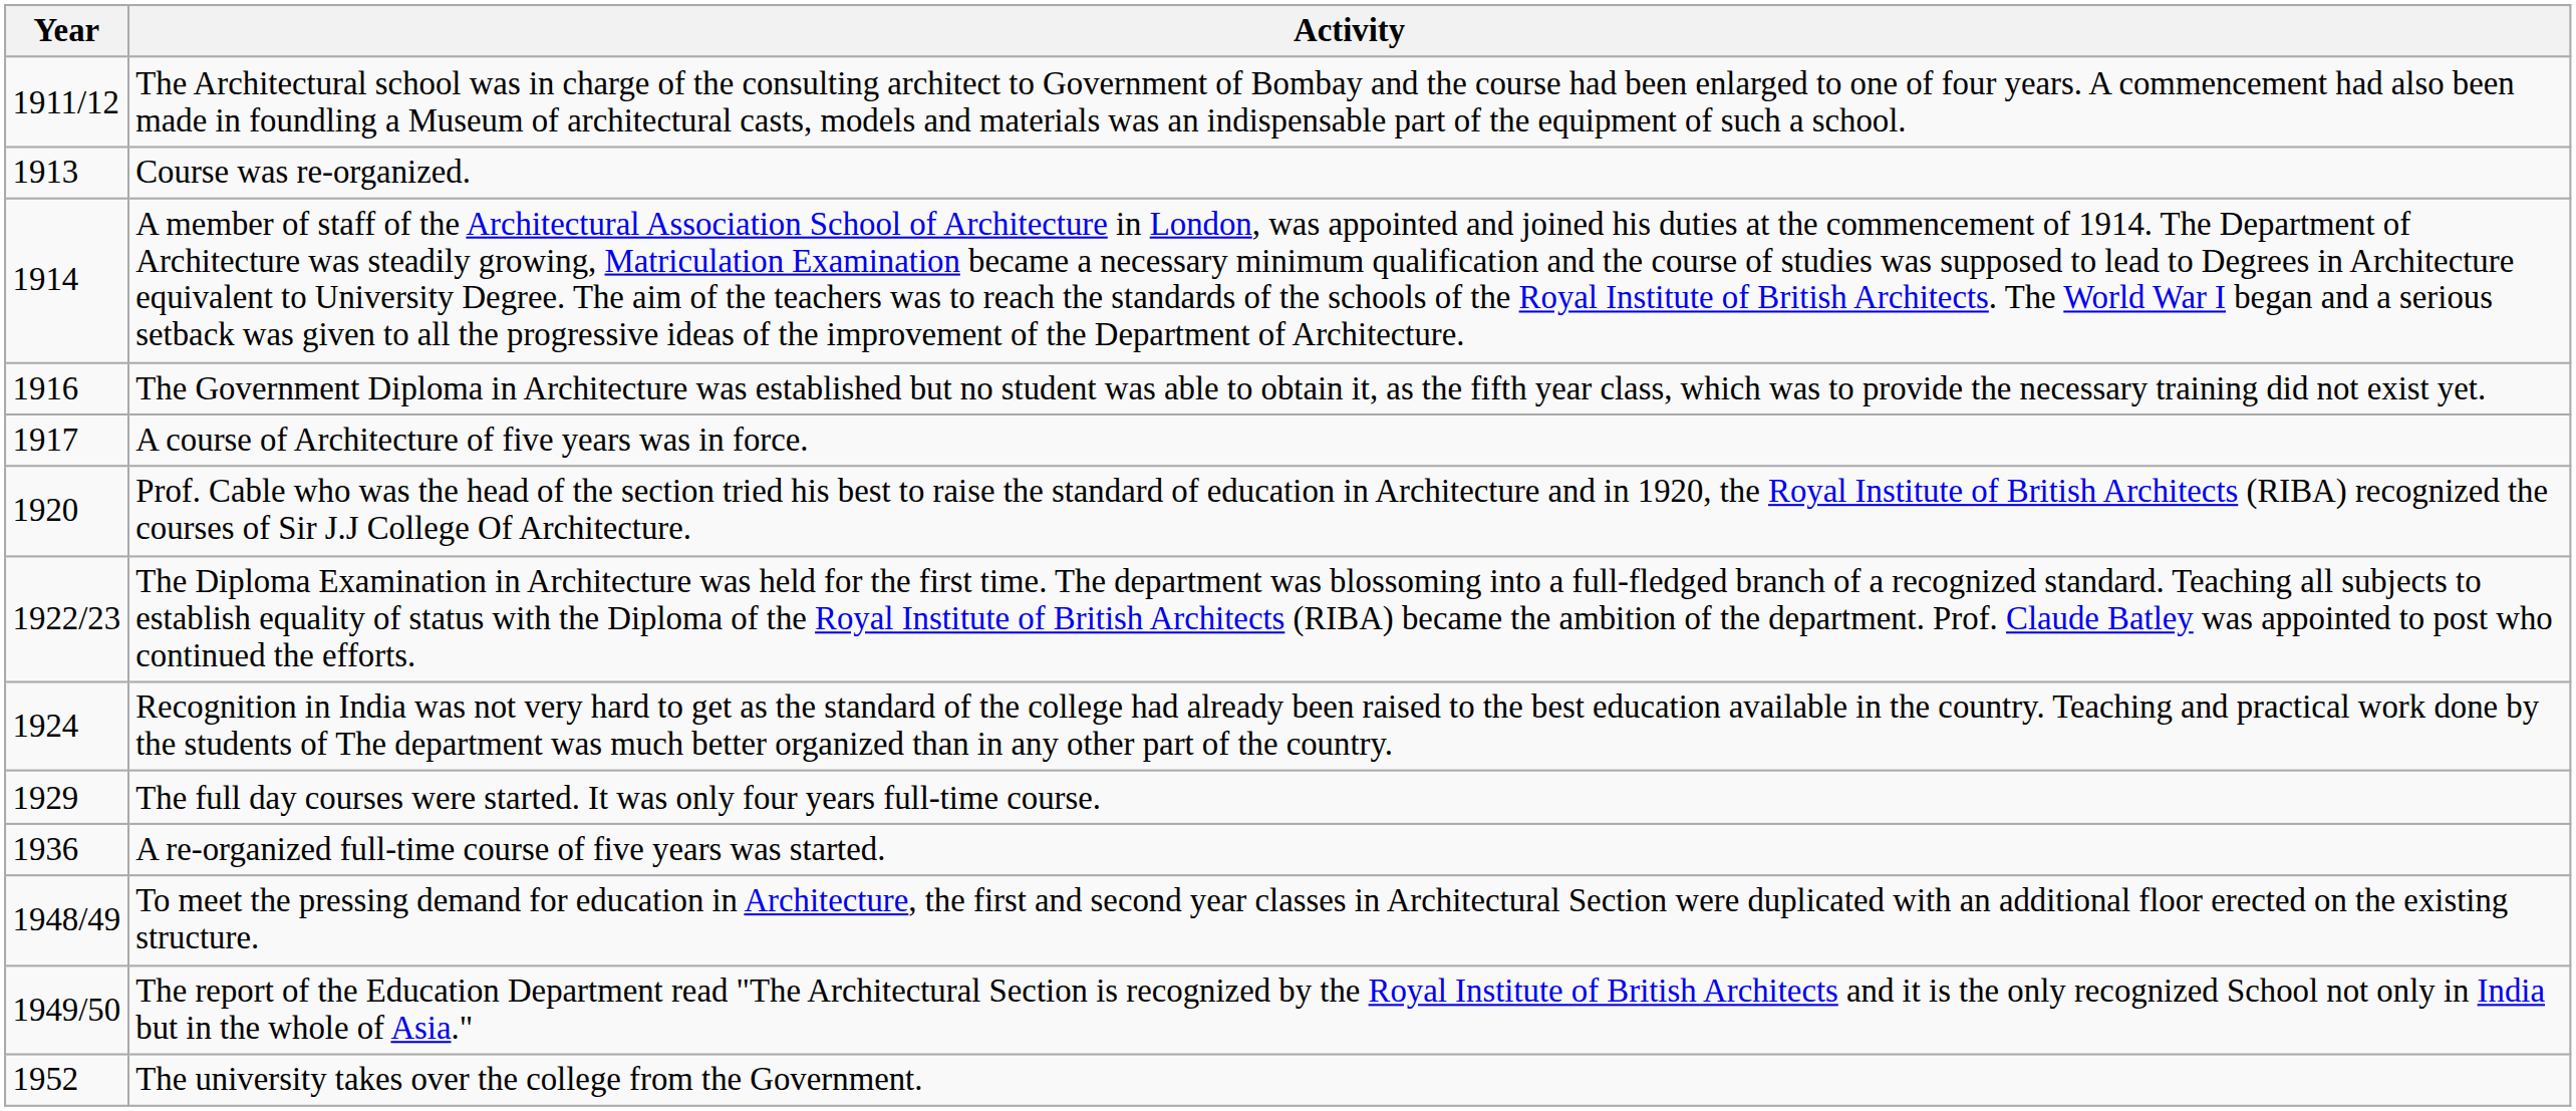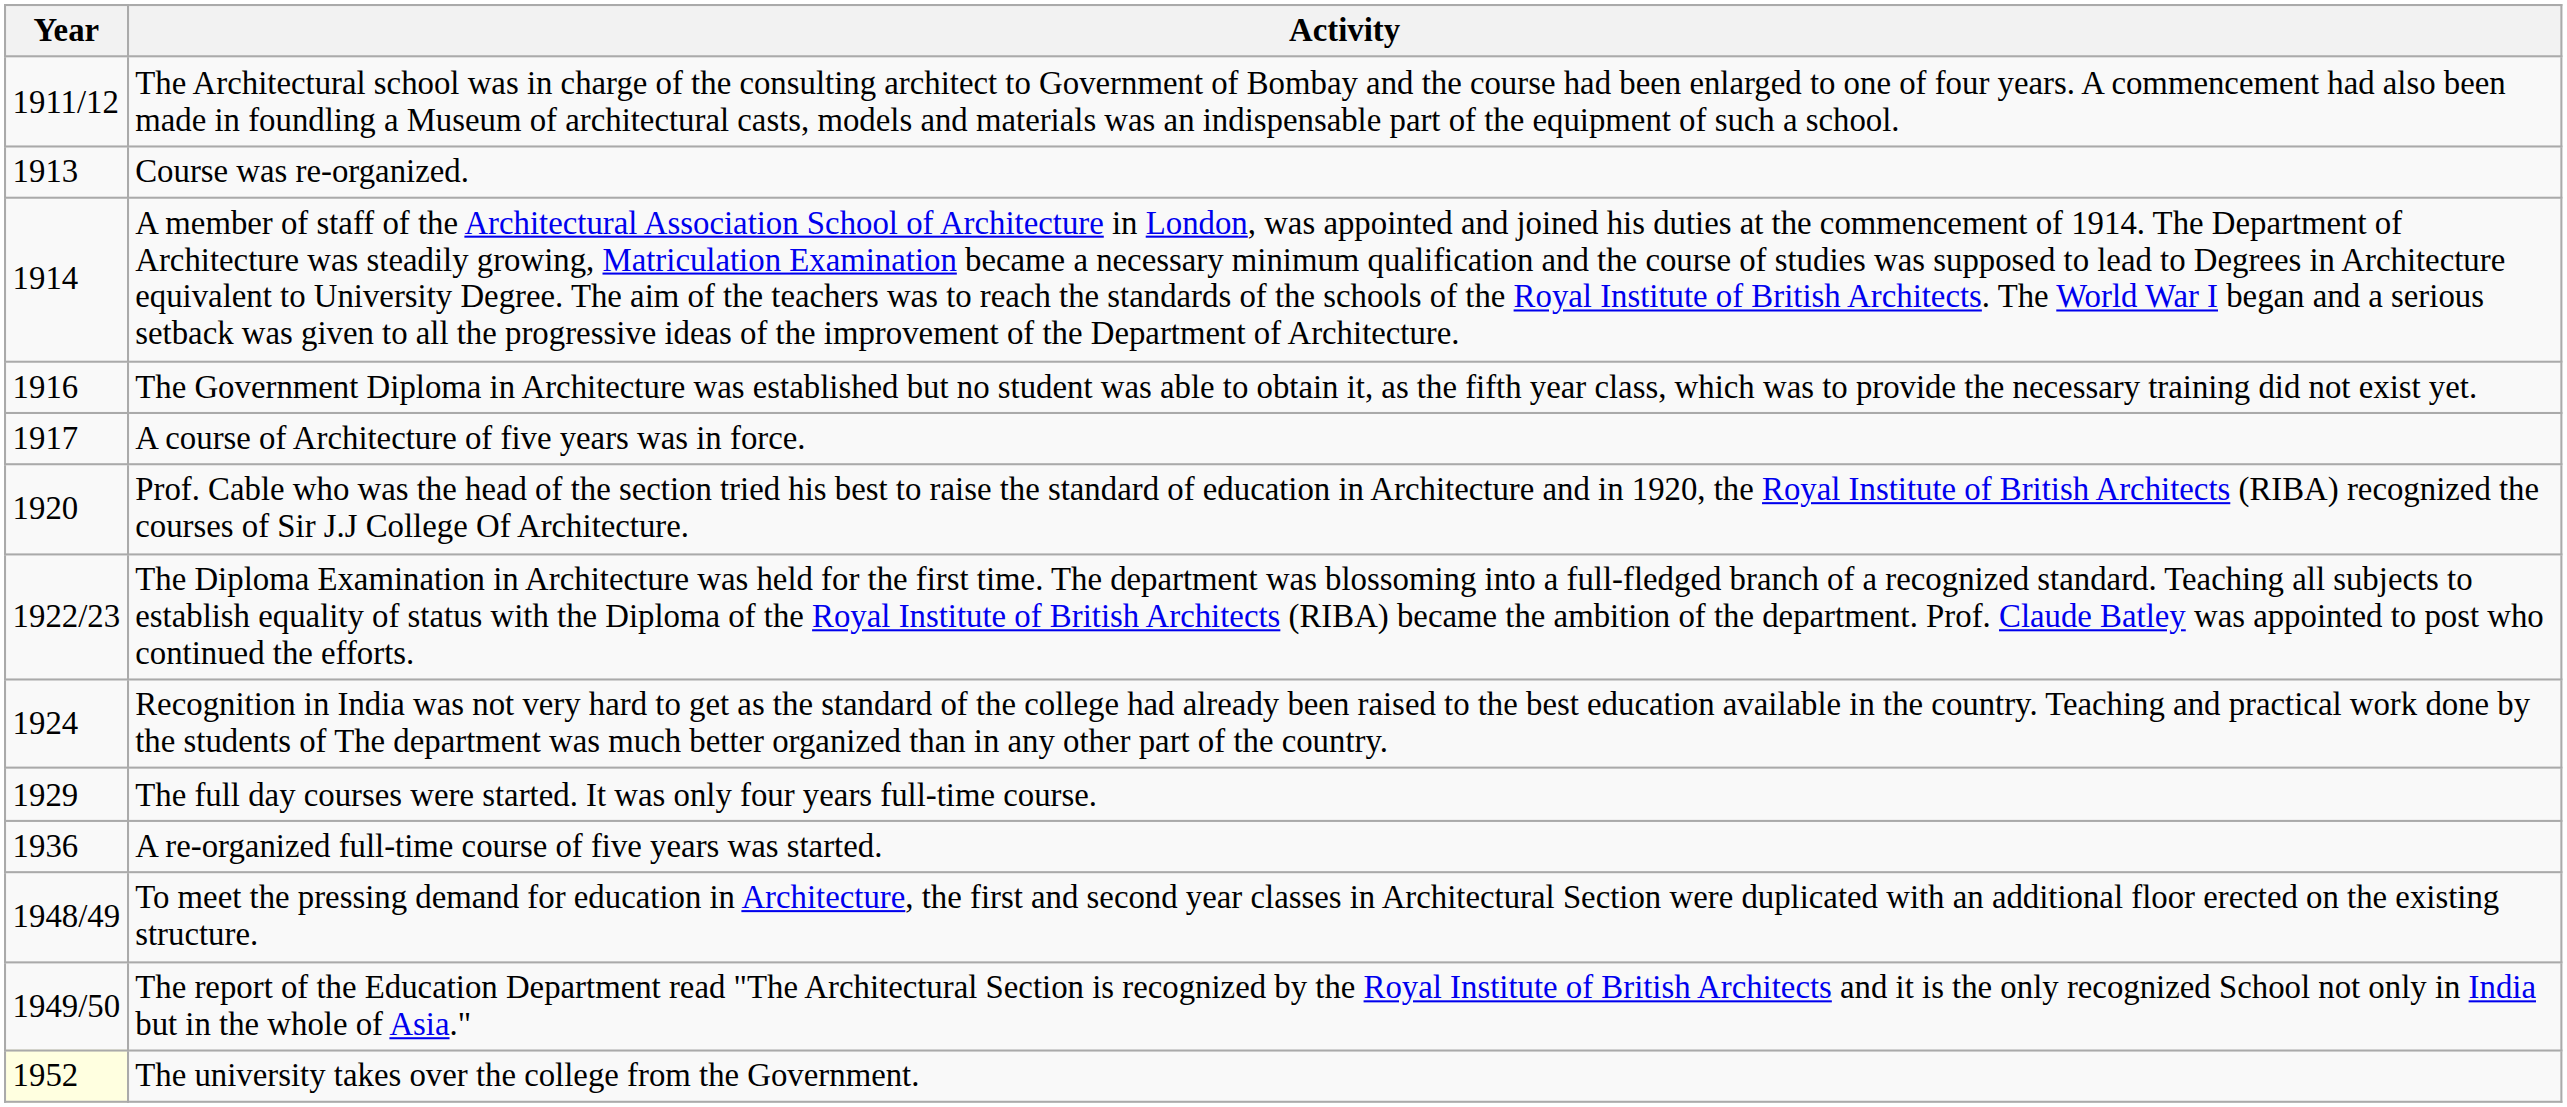 <table class="wikitable sortable">
 <tr>
 <th>Year</th>
 <th>Activity</th>
 </tr>
 <tr>
 <td>1911/12</td>
 <td>The Architectural school was in charge of the consulting architect to Government of Bombay and the course had been enlarged to one of four years. A commencement had also been made in foundling a Museum of architectural casts, models and materials was an indispensable part of the equipment of such a school.</td>
 </tr>
 <tr>
 <td>1913</td>
 <td>Course was re-organized.</td>
 </tr>
 <tr>
 <td>1914</td>
 <td>A member of staff of the <a href='#'>Architectural Association School of Architecture</a> in <a href='#'>London</a>, was appointed and joined his duties at the commencement of 1914. The Department of Architecture was steadily growing, <a href='#'>Matriculation Examination</a> became a necessary minimum qualification and the course of studies was supposed to lead to Degrees in Architecture equivalent to University Degree. The aim of the teachers was to reach the standards of the schools of the <a href='#'>Royal Institute of British Architects</a>. The <a href='#'>World War I</a> began and a serious setback was given to all the progressive ideas of the improvement of the Department of Architecture.</td>
 </tr>
 <tr>
 <td>1916</td>
 <td>The Government Diploma in Architecture was established but no student was able to obtain it, as the fifth year class, which was to provide the necessary training did not exist yet.</td>
 </tr>
 <tr>
 <td>1917</td>
 <td>A course of Architecture of five years was in force.</td>
 </tr>
 <tr>
 <td>1920</td>
 <td>Prof. Cable who was the head of the section tried his best to raise the standard of education in Architecture and in 1920, the <a href='#'>Royal Institute of British Architects</a> (RIBA) recognized the courses of Sir J.J College Of Architecture.</td>
 </tr>
 <tr>
 <td>1922/23</td>
 <td>The Diploma Examination in Architecture was held for the first time. The department was blossoming into a full-fledged branch of a recognized standard. Teaching all subjects to establish equality of status with the Diploma of the <a href='#'>Royal Institute of British Architects</a> (RIBA) became the ambition of the department. Prof. <a href='#'>Claude Batley</a> was appointed to post who continued the efforts.</td>
 </tr>
 <tr>
 <td>1924</td>
 <td>Recognition in India was not very hard to get as the standard of the college had already been raised to the best education available in the country. Teaching and practical work done by the students of The department was much better organized than in any other part of the country.</td>
 </tr>
 <tr>
 <td>1929</td>
 <td>The full day courses were started. It was only four years full-time course.</td>
 </tr>
 <tr>
 <td>1936</td>
 <td>A re-organized full-time course of five years was started.</td>
 </tr>
 <tr>
 <td>1948/49</td>
 <td>To meet the pressing demand for education in <a href='#'>Architecture</a>, the first and second year classes in Architectural Section were duplicated with an additional floor erected on the existing structure.</td>
 </tr>
 <tr>
 <td>1949/50</td>
 <td>The report of the Education Department read "The Architectural Section is recognized by the <a href='#'>Royal Institute of British Architects</a> and it is the only recognized School not only in <a href='#'>India</a> but in the whole of <a href='#'>Asia</a>."</td>
 </tr>
 <tr>
-<td>1952</td>
+<td style="background: lightyellow;">1952</td>
 <td>The university takes over the college from the Government.</td>
 </tr>
 </table>
